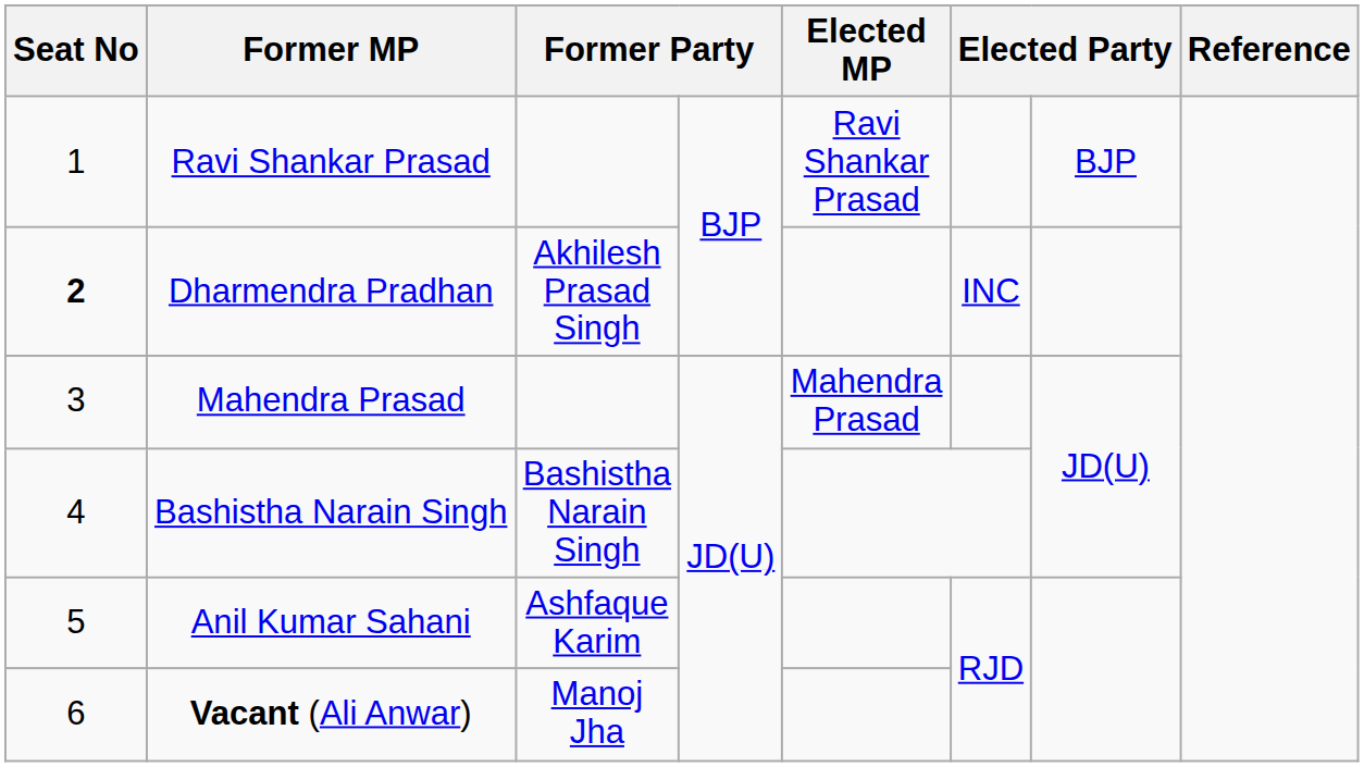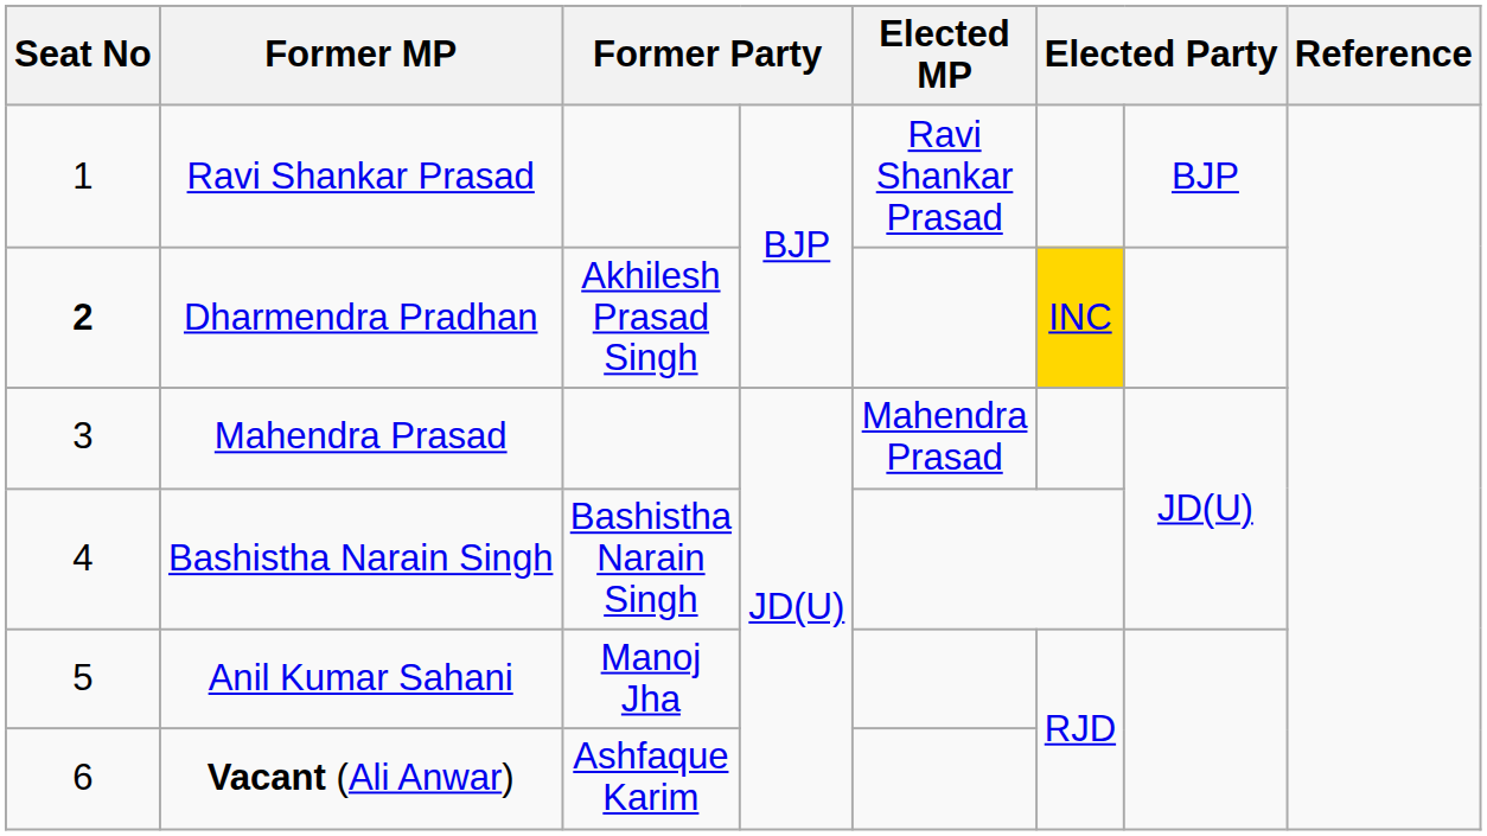 <table class="wikitable">
 <tr>
 <th>Seat No</th>
 <th>Former MP</th>
 <th colspan=2>Former Party</th>
 <th>Elected MP</th>
 <th colspan=2>Elected Party</th>
 <th>Reference</th>
 </tr>
 <tr style="text-align:center;">
 <td>1</td>
 <td><a href='#'>Ravi Shankar Prasad</a></td>
 <td width="1px"></td>
 <td rowspan=2><a href='#'>BJP</a></td>
 <td><a href='#'>Ravi Shankar Prasad</a></td>
 <td width="1px"></td>
 <td><a href='#'>BJP</a></td>
 <td rowspan=6></td>
 </tr>
 <tr style="text-align:center;">
 <td><strong>2</strong></td>
 <td><a href='#'>Dharmendra Pradhan</a></td>
 <td><a href='#'>Akhilesh Prasad Singh</a></td>
 <td width="1px"></td>
-<td rowspan=1><a href='#'>INC</a></td>
+<td rowspan=1 style="background: gold;"><a href='#'>INC</a></td>
 </tr>
 <tr style="text-align:center;">
 <td>3</td>
 <td><a href='#'>Mahendra Prasad</a></td>
 <td width="1px"></td>
 <td rowspan=4><a href='#'>JD(U)</a></td>
 <td><a href='#'>Mahendra Prasad</a></td>
 <td width="1px"></td>
 <td rowspan=2><a href='#'>JD(U)</a></td>
 </tr>
 <tr style="text-align:center;">
 <td>4</td>
 <td><a href='#'>Bashistha Narain Singh</a></td>
 <td><a href='#'>Bashistha Narain Singh</a></td>
 </tr>
 <tr style="text-align:center;">
 <td>5</td>
 <td><a href='#'>Anil Kumar Sahani</a></td>
-<td><a href='#'>Ashfaque Karim</a></td>
+<td><a href='#'>Manoj Jha</a></td>
 <td width="1px"></td>
 <td rowspan=2><a href='#'>RJD</a></td>
 </tr>
 <tr style="text-align:center;">
 <td>6</td>
 <td><strong>Vacant</strong> (<a href='#'>Ali Anwar</a>)</td>
-<td><a href='#'>Manoj Jha</a></td>
+<td><a href='#'>Ashfaque Karim</a></td>
 </tr>
 </table>
